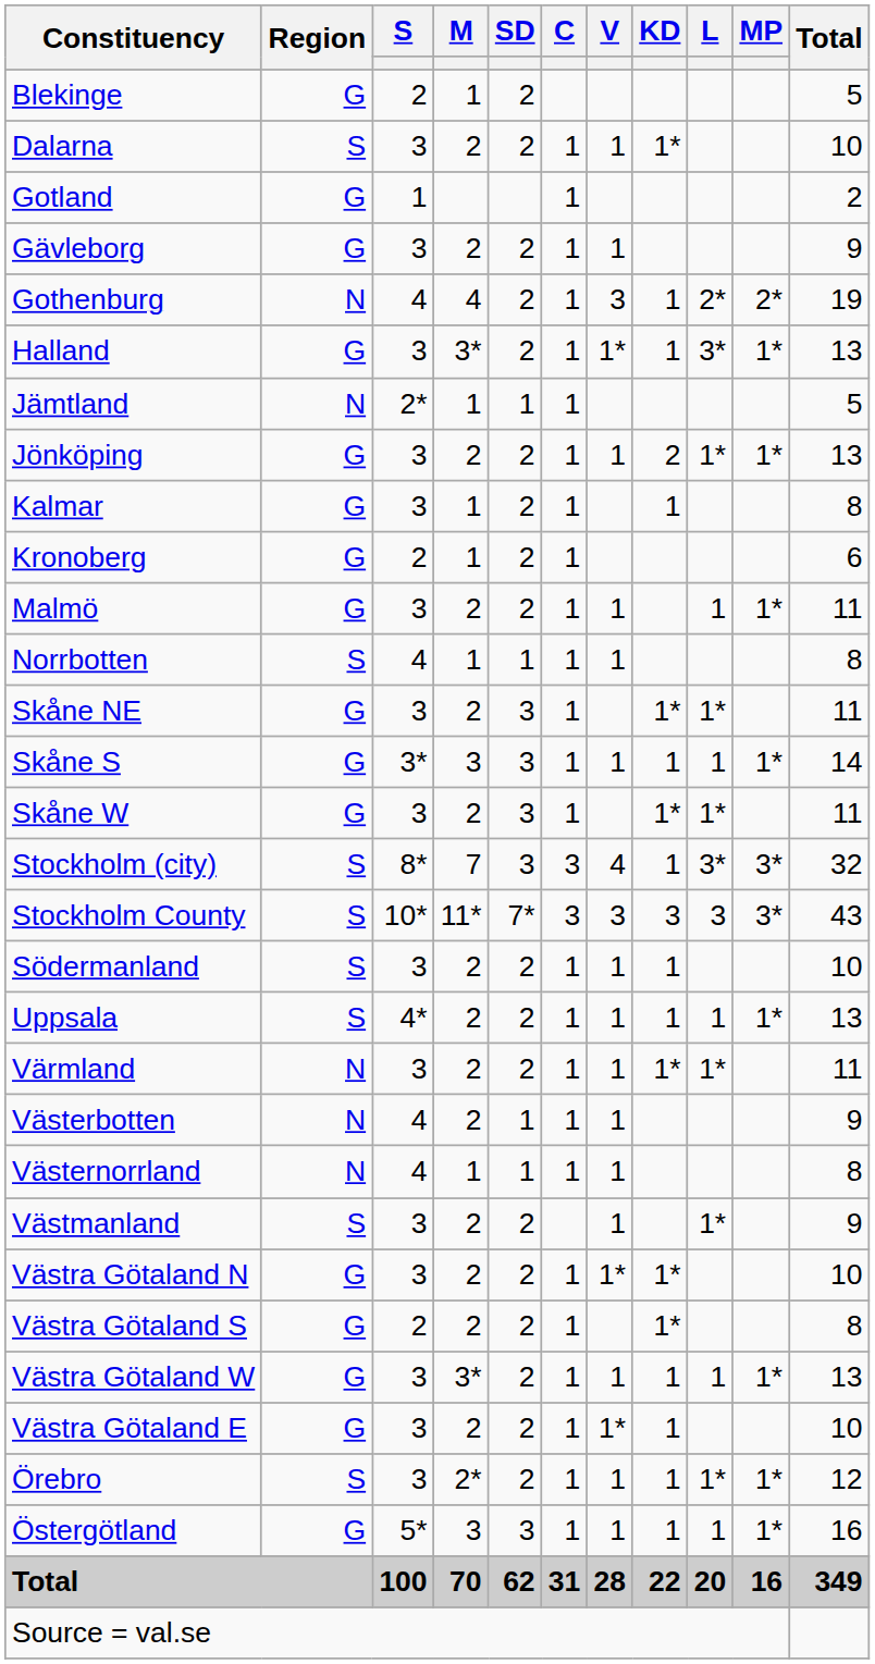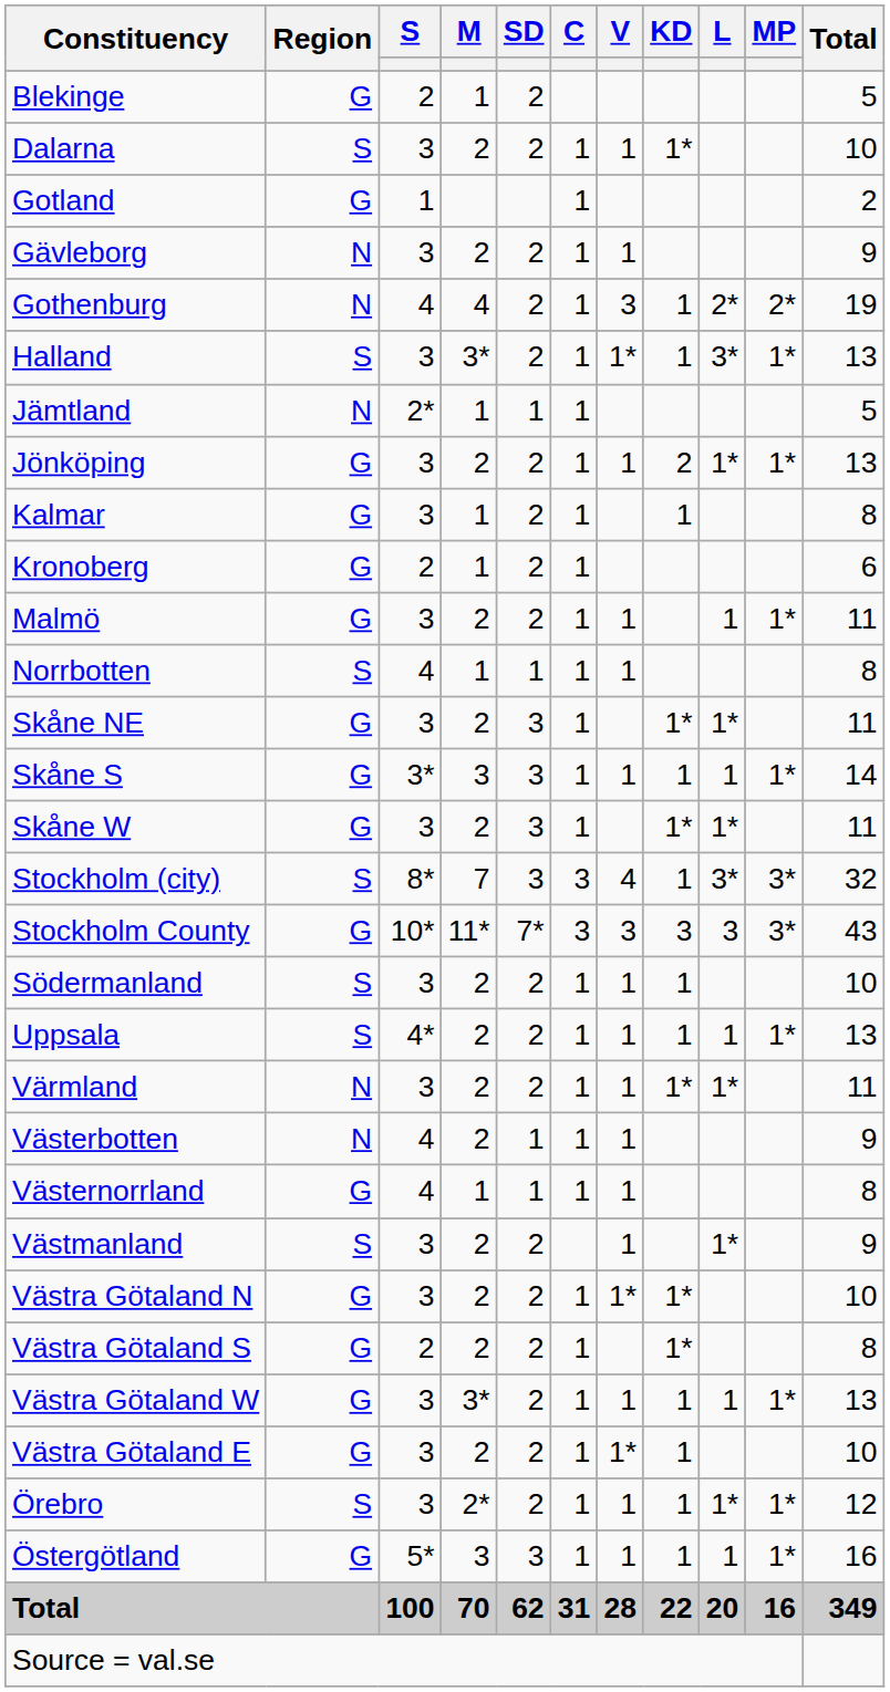 <table class="wikitable" style="text-align:right; font-size:95%; line-height:20px;">
 <tr>
 <th rowspan="2">Constituency</th>
 <th rowspan="2">Region</th>
 <th><a href='#'>S</a></th>
 <th><a href='#'>M</a></th>
 <th><a href='#'>SD</a></th>
 <th><a href='#'>C</a></th>
 <th><a href='#'>V</a></th>
 <th><a href='#'>KD</a></th>
 <th><a href='#'>L</a></th>
 <th><a href='#'>MP</a></th>
 <th rowspan="2">Total</th>
 </tr>
 <tr>
 <th style="background:"></th>
 <th style="background:"></th>
 <th style="background:"></th>
 <th style="background:"></th>
 <th style="background:"></th>
 <th style="background:"></th>
 <th style="background:"></th>
 <th style="background:"></th>
 </tr>
 <tr>
 <td align="left"><a href='#'>Blekinge</a></td>
 <td><a href='#'>G</a></td>
 <td>2</td>
 <td>1</td>
 <td>2</td>
 <td></td>
 <td></td>
 <td></td>
 <td></td>
 <td></td>
 <td>5</td>
 </tr>
 <tr>
 <td align="left"><a href='#'>Dalarna</a></td>
 <td><a href='#'>S</a></td>
 <td>3</td>
 <td>2</td>
 <td>2</td>
 <td>1</td>
 <td>1</td>
 <td>1*</td>
 <td></td>
 <td></td>
 <td>10</td>
 </tr>
 <tr>
 <td align="left"><a href='#'>Gotland</a></td>
 <td><a href='#'>G</a></td>
 <td>1</td>
 <td></td>
 <td></td>
 <td>1</td>
 <td></td>
 <td></td>
 <td></td>
 <td></td>
 <td>2</td>
 </tr>
 <tr>
 <td align="left"><a href='#'>Gävleborg</a></td>
-<td><a href='#'>G</a></td>
+<td><a href='#'>N</a></td>
 <td>3</td>
 <td>2</td>
 <td>2</td>
 <td>1</td>
 <td>1</td>
 <td></td>
 <td></td>
 <td></td>
 <td>9</td>
 </tr>
 <tr>
 <td align="left"><a href='#'>Gothenburg</a></td>
 <td><a href='#'>N</a></td>
 <td>4</td>
 <td>4</td>
 <td>2</td>
 <td>1</td>
 <td>3</td>
 <td>1</td>
 <td>2*</td>
 <td>2*</td>
 <td>19</td>
 </tr>
 <tr>
 <td align="left"><a href='#'>Halland</a></td>
-<td><a href='#'>G</a></td>
+<td><a href='#'>S</a></td>
 <td>3</td>
 <td>3*</td>
 <td>2</td>
 <td>1</td>
 <td>1*</td>
 <td>1</td>
 <td>3*</td>
 <td>1*</td>
 <td>13</td>
 </tr>
 <tr>
 <td align="left"><a href='#'>Jämtland</a></td>
 <td><a href='#'>N</a></td>
 <td>2*</td>
 <td>1</td>
 <td>1</td>
 <td>1</td>
 <td></td>
 <td></td>
 <td></td>
 <td></td>
 <td>5</td>
 </tr>
 <tr>
 <td align="left"><a href='#'>Jönköping</a></td>
 <td><a href='#'>G</a></td>
 <td>3</td>
 <td>2</td>
 <td>2</td>
 <td>1</td>
 <td>1</td>
 <td>2</td>
 <td>1*</td>
 <td>1*</td>
 <td>13</td>
 </tr>
 <tr>
 <td align="left"><a href='#'>Kalmar</a></td>
 <td><a href='#'>G</a></td>
 <td>3</td>
 <td>1</td>
 <td>2</td>
 <td>1</td>
 <td></td>
 <td>1</td>
 <td></td>
 <td></td>
 <td>8</td>
 </tr>
 <tr>
 <td align="left"><a href='#'>Kronoberg</a></td>
 <td><a href='#'>G</a></td>
 <td>2</td>
 <td>1</td>
 <td>2</td>
 <td>1</td>
 <td></td>
 <td></td>
 <td></td>
 <td></td>
 <td>6</td>
 </tr>
 <tr>
 <td align="left"><a href='#'>Malmö</a></td>
 <td><a href='#'>G</a></td>
 <td>3</td>
 <td>2</td>
 <td>2</td>
 <td>1</td>
 <td>1</td>
 <td></td>
 <td>1</td>
 <td>1*</td>
 <td>11</td>
 </tr>
 <tr>
 <td align="left"><a href='#'>Norrbotten</a></td>
 <td><a href='#'>S</a></td>
 <td>4</td>
 <td>1</td>
 <td>1</td>
 <td>1</td>
 <td>1</td>
 <td></td>
 <td></td>
 <td></td>
 <td>8</td>
 </tr>
 <tr>
 <td align="left"><a href='#'>Skåne NE</a></td>
 <td><a href='#'>G</a></td>
 <td>3</td>
 <td>2</td>
 <td>3</td>
 <td>1</td>
 <td></td>
 <td>1*</td>
 <td>1*</td>
 <td></td>
 <td>11</td>
 </tr>
 <tr>
 <td align="left"><a href='#'>Skåne S</a></td>
 <td><a href='#'>G</a></td>
 <td>3*</td>
 <td>3</td>
 <td>3</td>
 <td>1</td>
 <td>1</td>
 <td>1</td>
 <td>1</td>
 <td>1*</td>
 <td>14</td>
 </tr>
 <tr>
 <td align="left"><a href='#'>Skåne W</a></td>
 <td><a href='#'>G</a></td>
 <td>3</td>
 <td>2</td>
 <td>3</td>
 <td>1</td>
 <td></td>
 <td>1*</td>
 <td>1*</td>
 <td></td>
 <td>11</td>
 </tr>
 <tr>
 <td align="left"><a href='#'>Stockholm (city)</a></td>
 <td><a href='#'>S</a></td>
 <td>8*</td>
 <td>7</td>
 <td>3</td>
 <td>3</td>
 <td>4</td>
 <td>1</td>
 <td>3*</td>
 <td>3*</td>
 <td>32</td>
 </tr>
 <tr>
 <td align="left"><a href='#'>Stockholm County</a></td>
-<td><a href='#'>S</a></td>
+<td><a href='#'>G</a></td>
 <td>10*</td>
 <td>11*</td>
 <td>7*</td>
 <td>3</td>
 <td>3</td>
 <td>3</td>
 <td>3</td>
 <td>3*</td>
 <td>43</td>
 </tr>
 <tr>
 <td align="left"><a href='#'>Södermanland</a></td>
 <td><a href='#'>S</a></td>
 <td>3</td>
 <td>2</td>
 <td>2</td>
 <td>1</td>
 <td>1</td>
 <td>1</td>
 <td></td>
 <td></td>
 <td>10</td>
 </tr>
 <tr>
 <td align="left"><a href='#'>Uppsala</a></td>
 <td><a href='#'>S</a></td>
 <td>4*</td>
 <td>2</td>
 <td>2</td>
 <td>1</td>
 <td>1</td>
 <td>1</td>
 <td>1</td>
 <td>1*</td>
 <td>13</td>
 </tr>
 <tr>
 <td align="left"><a href='#'>Värmland</a></td>
 <td><a href='#'>N</a></td>
 <td>3</td>
 <td>2</td>
 <td>2</td>
 <td>1</td>
 <td>1</td>
 <td>1*</td>
 <td>1*</td>
 <td></td>
 <td>11</td>
 </tr>
 <tr>
 <td align="left"><a href='#'>Västerbotten</a></td>
 <td><a href='#'>N</a></td>
 <td>4</td>
 <td>2</td>
 <td>1</td>
 <td>1</td>
 <td>1</td>
 <td></td>
 <td></td>
 <td></td>
 <td>9</td>
 </tr>
 <tr>
 <td align="left"><a href='#'>Västernorrland</a></td>
-<td><a href='#'>N</a></td>
+<td><a href='#'>G</a></td>
 <td>4</td>
 <td>1</td>
 <td>1</td>
 <td>1</td>
 <td>1</td>
 <td></td>
 <td></td>
 <td></td>
 <td>8</td>
 </tr>
 <tr>
 <td align="left"><a href='#'>Västmanland</a></td>
 <td><a href='#'>S</a></td>
 <td>3</td>
 <td>2</td>
 <td>2</td>
 <td></td>
 <td>1</td>
 <td></td>
 <td>1*</td>
 <td></td>
 <td>9</td>
 </tr>
 <tr>
 <td align="left"><a href='#'>Västra Götaland N</a></td>
 <td><a href='#'>G</a></td>
 <td>3</td>
 <td>2</td>
 <td>2</td>
 <td>1</td>
 <td>1*</td>
 <td>1*</td>
 <td></td>
 <td></td>
 <td>10</td>
 </tr>
 <tr>
 <td align="left"><a href='#'>Västra Götaland S</a></td>
 <td><a href='#'>G</a></td>
 <td>2</td>
 <td>2</td>
 <td>2</td>
 <td>1</td>
 <td></td>
 <td>1*</td>
 <td></td>
 <td></td>
 <td>8</td>
 </tr>
 <tr>
 <td align="left"><a href='#'>Västra Götaland W</a></td>
 <td><a href='#'>G</a></td>
 <td>3</td>
 <td>3*</td>
 <td>2</td>
 <td>1</td>
 <td>1</td>
 <td>1</td>
 <td>1</td>
 <td>1*</td>
 <td>13</td>
 </tr>
 <tr>
 <td align="left"><a href='#'>Västra Götaland E</a></td>
 <td><a href='#'>G</a></td>
 <td>3</td>
 <td>2</td>
 <td>2</td>
 <td>1</td>
 <td>1*</td>
 <td>1</td>
 <td></td>
 <td></td>
 <td>10</td>
 </tr>
 <tr>
 <td align="left"><a href='#'>Örebro</a></td>
 <td><a href='#'>S</a></td>
 <td>3</td>
 <td>2*</td>
 <td>2</td>
 <td>1</td>
 <td>1</td>
 <td>1</td>
 <td>1*</td>
 <td>1*</td>
 <td>12</td>
 </tr>
 <tr>
 <td align="left"><a href='#'>Östergötland</a></td>
 <td><a href='#'>G</a></td>
 <td>5*</td>
 <td>3</td>
 <td>3</td>
 <td>1</td>
 <td>1</td>
 <td>1</td>
 <td>1</td>
 <td>1*</td>
 <td>16</td>
 </tr>
 <tr style="background:#CDCDCD;">
 <td colspan="2" align="left"><strong>Total</strong></td>
 <td><strong>100</strong></td>
 <td><strong>70</strong></td>
 <td><strong>62</strong></td>
 <td><strong>31</strong></td>
 <td><strong>28</strong></td>
 <td><strong>22</strong></td>
 <td><strong>20</strong></td>
 <td><strong>16</strong></td>
 <td><strong>349</strong></td>
 </tr>
 <tr>
 <td colspan="10" align="left">Source = val.se</td>
 <td></td>
 </tr>
 </table>
